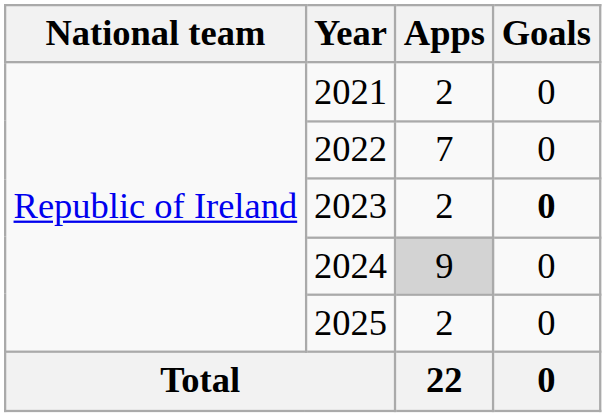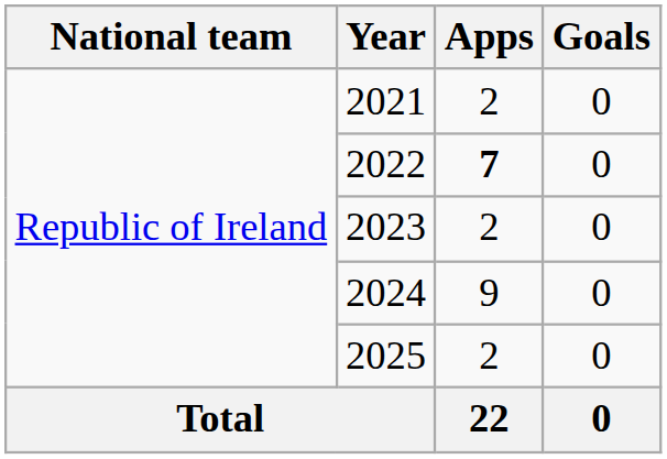 <table class="wikitable" style="text-align: center;">
 <tr>
 <th>National team</th>
 <th>Year</th>
 <th>Apps</th>
 <th>Goals</th>
 </tr>
 <tr>
 <td rowspan="5"><a href='#'>Republic of Ireland</a></td>
 <td>2021</td>
 <td>2</td>
 <td>0</td>
 </tr>
 <tr>
 <td>2022</td>
-<td>7</td>
+<td><strong>7</strong></td>
 <td>0</td>
 </tr>
 <tr>
 <td>2023</td>
 <td>2</td>
-<td><strong>0</strong></td>
+<td>0</td>
 </tr>
 <tr>
 <td>2024</td>
-<td style="background: lightgrey;">9</td>
+<td>9</td>
 <td>0</td>
 </tr>
 <tr>
 <td>2025</td>
 <td>2</td>
 <td>0</td>
 </tr>
 <tr>
 <th colspan="2">Total</th>
 <th>22</th>
 <th>0</th>
 </tr>
 </table>
